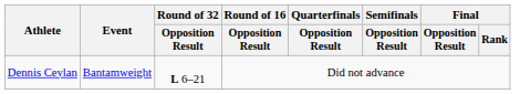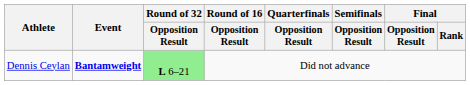 <table class="wikitable" style="font-size:90%">
 <tr>
 <th rowspan="2">Athlete</th>
 <th rowspan="2">Event</th>
 <th>Round of 32</th>
 <th>Round of 16</th>
 <th>Quarterfinals</th>
 <th>Semifinals</th>
 <th colspan=2>Final</th>
 </tr>
 <tr style="font-size:95%">
 <th>Opposition<br>Result</th>
 <th>Opposition<br>Result</th>
 <th>Opposition<br>Result</th>
 <th>Opposition<br>Result</th>
 <th>Opposition<br>Result</th>
 <th>Rank</th>
 </tr>
 <tr align=center>
 <td align=left><a href='#'>Dennis Ceylan</a></td>
-<td align=left><a href='#'>Bantamweight</a></td>
-<td><br><strong>L</strong> 6–21</td>
+<td align=left><strong><a href='#'>Bantamweight</a></strong></td>
+<td style="background: lightgreen;"><br><strong>L</strong> 6–21</td>
 <td colspan=5>Did not advance</td>
 </tr>
 </table>
